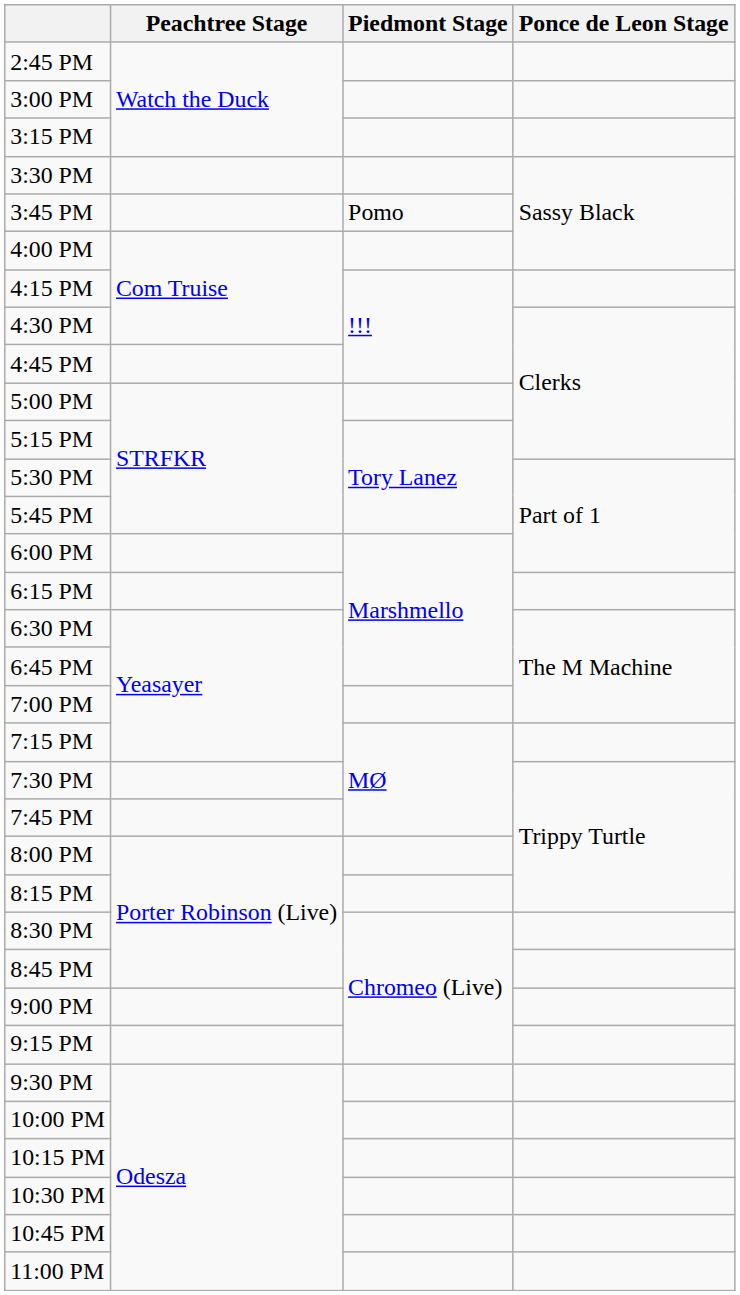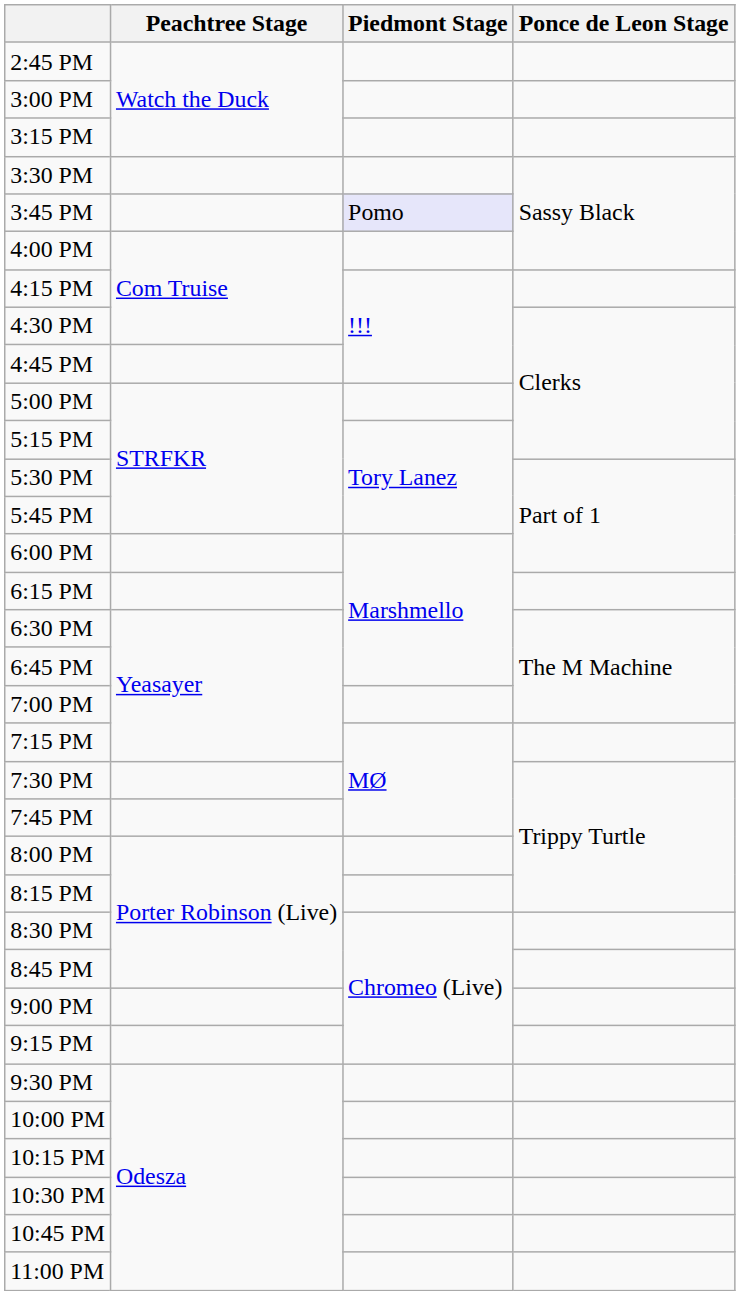 <table class="wikitable">
 <tr>
 <th></th>
 <th>Peachtree Stage</th>
 <th>Piedmont Stage</th>
 <th>Ponce de Leon Stage</th>
 </tr>
 <tr>
 <td>2:45 PM</td>
 <td rowspan="3"><a href='#'>Watch the Duck</a></td>
 <td></td>
 <td></td>
 </tr>
 <tr>
 <td>3:00 PM</td>
 <td></td>
 <td></td>
 </tr>
 <tr>
 <td>3:15 PM</td>
 <td></td>
 <td></td>
 </tr>
 <tr>
 <td>3:30 PM</td>
 <td></td>
 <td></td>
 <td rowspan="3">Sassy Black</td>
 </tr>
 <tr>
 <td>3:45 PM</td>
 <td></td>
-<td>Pomo</td>
+<td style="background: lavender;">Pomo</td>
 </tr>
 <tr>
 <td>4:00 PM</td>
 <td rowspan="3"><a href='#'>Com Truise</a></td>
 <td></td>
 </tr>
 <tr>
 <td>4:15 PM</td>
 <td rowspan="3"><a href='#'>!!!</a></td>
 <td></td>
 </tr>
 <tr>
 <td>4:30 PM</td>
 <td rowspan="4">Clerks</td>
 </tr>
 <tr>
 <td>4:45 PM</td>
 <td></td>
 </tr>
 <tr>
 <td>5:00 PM</td>
 <td rowspan="4"><a href='#'>STRFKR</a></td>
 <td></td>
 </tr>
 <tr>
 <td>5:15 PM</td>
 <td rowspan="3"><a href='#'>Tory Lanez</a></td>
 </tr>
 <tr>
 <td>5:30 PM</td>
 <td rowspan="3">Part of 1</td>
 </tr>
 <tr>
 <td>5:45 PM</td>
 </tr>
 <tr>
 <td>6:00 PM</td>
 <td></td>
 <td rowspan="4"><a href='#'>Marshmello</a></td>
 </tr>
 <tr>
 <td>6:15 PM</td>
 <td></td>
 <td></td>
 </tr>
 <tr>
 <td>6:30 PM</td>
 <td rowspan="4"><a href='#'>Yeasayer</a></td>
 <td rowspan="3">The M Machine</td>
 </tr>
 <tr>
 <td>6:45 PM</td>
 </tr>
 <tr>
 <td>7:00 PM</td>
 <td></td>
 </tr>
 <tr>
 <td>7:15 PM</td>
 <td rowspan="3"><a href='#'>MØ</a></td>
 <td></td>
 </tr>
 <tr>
 <td>7:30 PM</td>
 <td></td>
 <td rowspan="4">Trippy Turtle</td>
 </tr>
 <tr>
 <td>7:45 PM</td>
 <td></td>
 </tr>
 <tr>
 <td>8:00 PM</td>
 <td rowspan="4"><a href='#'>Porter Robinson</a> (Live)</td>
 <td></td>
 </tr>
 <tr>
 <td>8:15 PM</td>
 <td></td>
 </tr>
 <tr>
 <td>8:30 PM</td>
 <td rowspan="4"><a href='#'>Chromeo</a> (Live)</td>
 <td></td>
 </tr>
 <tr>
 <td>8:45 PM</td>
 <td></td>
 </tr>
 <tr>
 <td>9:00 PM</td>
 <td></td>
 <td></td>
 </tr>
 <tr>
 <td>9:15 PM</td>
 <td></td>
 <td></td>
 </tr>
 <tr>
 <td>9:30 PM</td>
 <td rowspan="6"><a href='#'>Odesza</a></td>
 <td></td>
 <td></td>
 </tr>
 <tr>
 <td>10:00 PM</td>
 <td></td>
 <td></td>
 </tr>
 <tr>
 <td>10:15 PM</td>
 <td></td>
 <td></td>
 </tr>
 <tr>
 <td>10:30 PM</td>
 <td></td>
 <td></td>
 </tr>
 <tr>
 <td>10:45 PM</td>
 <td></td>
 <td></td>
 </tr>
 <tr>
 <td>11:00 PM</td>
 <td></td>
 <td></td>
 </tr>
 </table>
